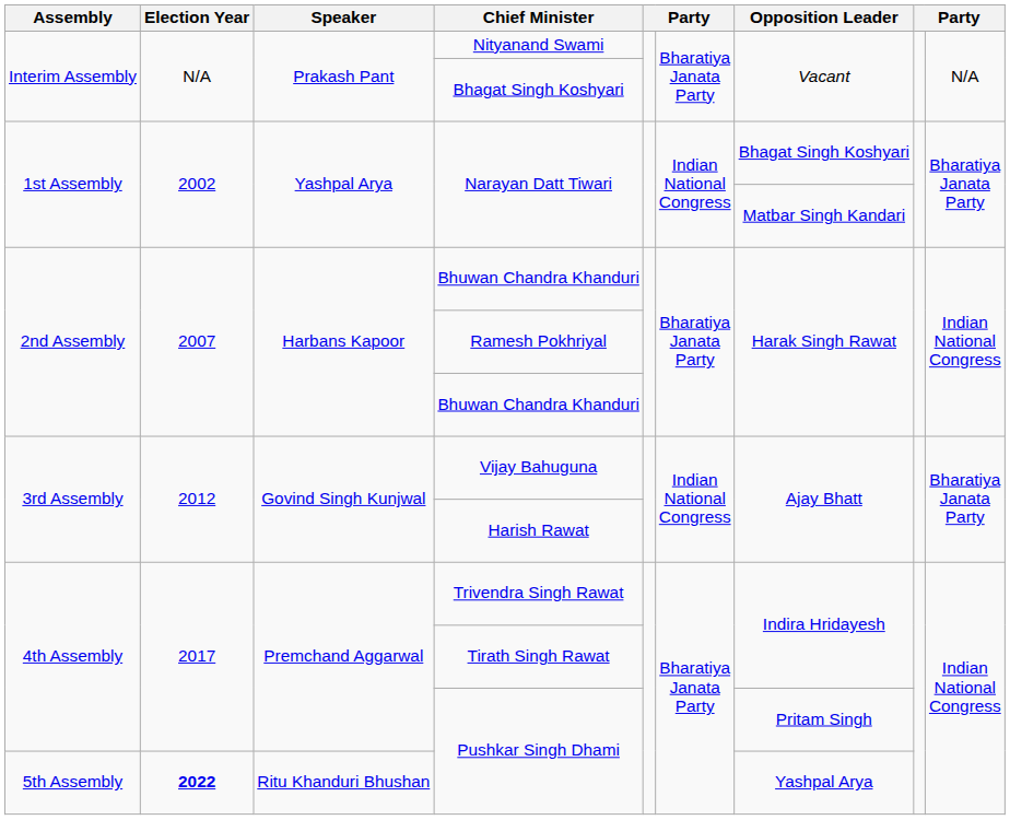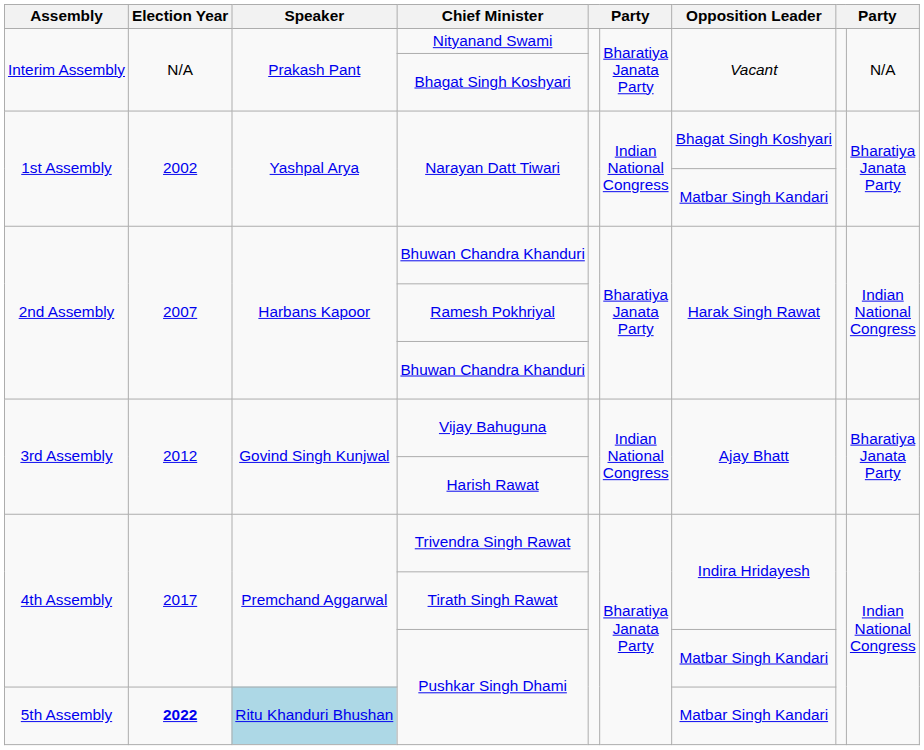 <table class="wikitable sortable">
 <tr>
 <th>Assembly</th>
 <th>Election Year</th>
 <th>Speaker</th>
 <th>Chief Minister</th>
 <th colspan="2">Party</th>
 <th>Opposition Leader</th>
 <th colspan="2">Party</th>
 </tr>
 <tr style="text-align:center;">
 <td rowspan="2"><a href='#'>Interim Assembly</a></td>
 <td rowspan="2">N/A</td>
 <td rowspan="2"><a href='#'>Prakash Pant</a></td>
 <td><a href='#'>Nityanand Swami</a><br></td>
 <td rowspan="2" width="4px" style="background-color: "></td>
 <td rowspan="2"><a href='#'>Bharatiya<br>Janata<br>Party</a></td>
 <td rowspan="2"><em>Vacant</em></td>
 <td rowspan="2" width="4px" style="background-color: "></td>
 <td rowspan="2">N/A</td>
 </tr>
 <tr style="text-align:center; height:60px;">
 <td><a href='#'>Bhagat Singh Koshyari</a><br></td>
 </tr>
 <tr style="text-align:center; height:60px;">
 <td rowspan="2"><a href='#'>1st Assembly</a></td>
 <td rowspan="2"><a href='#'>2002</a></td>
 <td rowspan="2"><a href='#'>Yashpal Arya</a></td>
 <td rowspan="2"><a href='#'>Narayan Datt Tiwari</a></td>
 <td rowspan="2" width="4px" style="background-color: "></td>
 <td rowspan="2"><a href='#'>Indian<br>National<br>Congress</a></td>
 <td><a href='#'>Bhagat Singh Koshyari</a> <br></td>
 <td rowspan="2" width="4px" style="background-color: "></td>
 <td rowspan="2"><a href='#'>Bharatiya<br>Janata<br>Party</a></td>
 </tr>
 <tr style="text-align:center; height:60px;">
 <td><a href='#'>Matbar Singh Kandari</a> <br></td>
 </tr>
 <tr style="text-align:center; height:60px;">
 <td rowspan="3"><a href='#'>2nd Assembly</a></td>
 <td rowspan="3"><a href='#'>2007</a></td>
 <td rowspan="3"><a href='#'>Harbans Kapoor</a></td>
 <td><a href='#'>Bhuwan Chandra Khanduri</a><br></td>
 <td rowspan="3" width="4px" style="background-color: "></td>
 <td rowspan="3"><a href='#'>Bharatiya<br>Janata<br>Party</a></td>
 <td rowspan="3"><a href='#'>Harak Singh Rawat</a></td>
 <td rowspan="3" width="4px" style="background-color: "></td>
 <td rowspan="3"><a href='#'>Indian<br>National<br>Congress</a></td>
 </tr>
 <tr style="text-align:center; height:60px;">
 <td><a href='#'>Ramesh Pokhriyal</a><br></td>
 </tr>
 <tr style="text-align:center; height:60px;">
 <td><a href='#'>Bhuwan Chandra Khanduri</a><br></td>
 </tr>
 <tr style="text-align:center; height:60px;">
 <td rowspan="2"><a href='#'>3rd Assembly</a></td>
 <td rowspan="2"><a href='#'>2012</a></td>
 <td rowspan="2"><a href='#'>Govind Singh Kunjwal</a></td>
 <td><a href='#'>Vijay Bahuguna</a><br></td>
 <td rowspan="2" width="4px" style="background-color: "></td>
 <td rowspan="2"><a href='#'>Indian<br>National<br>Congress</a></td>
 <td rowspan="2"><a href='#'>Ajay Bhatt</a></td>
 <td rowspan="2" width="4px" style="background-color: "></td>
 <td rowspan="2"><a href='#'>Bharatiya<br>Janata<br>Party</a></td>
 </tr>
 <tr style="text-align:center; height:60px;">
 <td><a href='#'>Harish Rawat</a><br></td>
 </tr>
 <tr style="text-align:center; height:60px;">
 <td rowspan="3"><a href='#'>4th Assembly</a></td>
 <td rowspan="3"><a href='#'>2017</a></td>
 <td rowspan="3"><a href='#'>Premchand Aggarwal</a></td>
 <td><a href='#'>Trivendra Singh Rawat</a><br></td>
 <td rowspan="4" width="4px" style="background-color: "></td>
 <td rowspan="4"><a href='#'>Bharatiya<br>Janata<br>Party</a></td>
 <td rowspan="2"><a href='#'>Indira Hridayesh</a> <br></td>
 <td rowspan="4" width="4px" style="background-color: "></td>
 <td rowspan="4"><a href='#'>Indian<br>National<br>Congress</a></td>
 </tr>
 <tr style="text-align:center; height:60px;">
 <td><a href='#'>Tirath Singh Rawat</a><br></td>
 </tr>
 <tr style="text-align:center; height:60px;">
 <td rowspan="2"><a href='#'>Pushkar Singh Dhami</a></td>
-<td><a href='#'>Pritam Singh</a><br></td>
+<td><a href='#'>Matbar Singh Kandari</a> <br></td>
 </tr>
 <tr style="text-align:center; height:60px;">
 <td><a href='#'>5th Assembly</a></td>
 <td><strong><a href='#'>2022</a></strong></td>
-<td><a href='#'>Ritu Khanduri Bhushan</a></td>
-<td><a href='#'>Yashpal Arya</a></td>
+<td style="background: lightblue;"><a href='#'>Ritu Khanduri Bhushan</a></td>
+<td><a href='#'>Matbar Singh Kandari</a> <br></td>
 </tr>
 </table>
